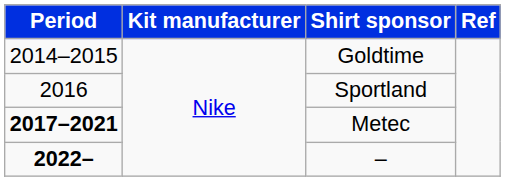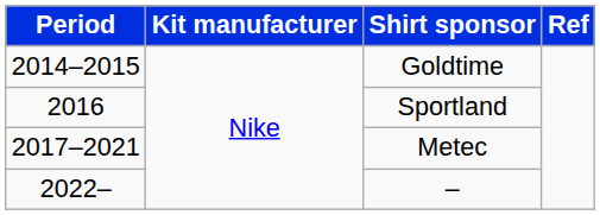 <table class="wikitable" style="text-align:center">
 <tr>
 <th style="background: #002FE0; color:white">Period</th>
 <th style="background: #002FE0; color:white">Kit manufacturer</th>
 <th style="background: #002FE0; color:white">Shirt sponsor</th>
 <th style="background: #002FE0; color:white">Ref</th>
 </tr>
 <tr>
 <td>2014–2015</td>
 <td rowspan="4"><a href='#'>Nike</a></td>
 <td>Goldtime</td>
 <td rowspan="4"></td>
 </tr>
 <tr>
 <td>2016</td>
 <td>Sportland</td>
 </tr>
 <tr>
-<td><strong>2017–2021</strong></td>
+<td>2017–2021</td>
 <td>Metec</td>
 </tr>
 <tr>
-<td><strong>2022–</strong></td>
+<td>2022–</td>
 <td>–</td>
 </tr>
 </table>
